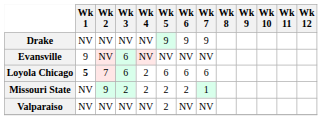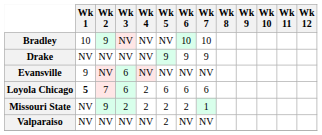 <table class="wikitable" style="white-space:nowrap;font-size:90%;text-align:center;">
 <tr>
 <th style="background:white; border-top-style:hidden; border-left-style:hidden;"> </th>
 <th>Wk<br> 1</th>
 <th>Wk<br>2</th>
 <th>Wk<br>3</th>
 <th>Wk<br>4</th>
 <th>Wk<br>5</th>
 <th>Wk<br>6</th>
 <th>Wk<br>7</th>
 <th>Wk<br>8</th>
 <th>Wk<br>9</th>
 <th>Wk<br>10</th>
 <th>Wk<br>11</th>
 <th>Wk<br>12</th>
+</tr>
+<tr>
+<th>Bradley</th>
+<td style="background:#FFF;">10</td>
+<td style="background:#d8ffeb;">9</td>
+<td style="background:#ffe6e6;">NV</td>
+<td style="background:#FFF;">NV</td>
+<td style="background:#FFF;">NV</td>
+<td style="background:#d8ffeb;">10</td>
+<td style="background:#FFF;">10</td>
+<td style="background:#FFF;"></td>
+<td style="background:#FFF;"></td>
+<td style="background:#FFF;"></td>
+<td style="background:#FFF;"></td>
+<td style="background:#FFF;"></td>
 </tr>
 <tr>
 <th>Drake</th>
 <td style="background:#FFF;">NV</td>
 <td style="background:#FFF;">NV</td>
 <td style="background:#FFF;">NV</td>
 <td style="background:#FFF;">NV</td>
 <td style="background:#d8ffeb;">9</td>
 <td style="background:#FFF;">9</td>
 <td style="background:#FFF;">9</td>
 <td style="background:#FFF;"></td>
 <td style="background:#FFF;"></td>
 <td style="background:#FFF;"></td>
 <td style="background:#FFF;"></td>
 <td style="background:#FFF;"></td>
 </tr>
 <tr>
 <th>Evansville</th>
 <td style="background:#FFF;">9</td>
 <td style="background:#ffe6e6;">NV</td>
 <td style="background:#d8ffeb;">6</td>
 <td style="background:#ffe6e6;">NV</td>
 <td style="background:#FFF;">NV</td>
 <td style="background:#FFF;">NV</td>
 <td style="background:#FFF;">NV</td>
 <td style="background:#FFF;"></td>
 <td style="background:#FFF;"></td>
 <td style="background:#FFF;"></td>
 <td style="background:#FFF;"></td>
 <td style="background:#FFF;"></td>
 </tr>
 <tr>
 <th>Loyola Chicago</th>
 <td style="background:#FFF;"><strong>5</strong></td>
 <td style="background:#ffe6e6;">7</td>
 <td style="background:#d8ffeb;">6</td>
 <td style="background:#FFF;">2</td>
 <td style="background:#FFF;">6</td>
 <td style="background:#FFF;">6</td>
 <td style="background:#FFF;">6</td>
 <td style="background:#FFF;"></td>
 <td style="background:#FFF;"></td>
 <td style="background:#FFF;"></td>
 <td style="background:#FFF;"></td>
 <td style="background:#FFF;"></td>
 </tr>
 <tr>
 <th>Missouri State</th>
 <td style="background:#FFF;">NV</td>
 <td style="background:#d8ffeb;">9</td>
 <td style="background:#d8ffeb;">2</td>
 <td style="background:#FFF;">2</td>
 <td style="background:#FFF;">2</td>
 <td style="background:#FFF;">2</td>
 <td style="background:#d8ffeb;">1</td>
 <td style="background:#FFF;"></td>
 <td style="background:#FFF;"></td>
 <td style="background:#FFF;"></td>
 <td style="background:#FFF;"></td>
 <td style="background:#FFF;"></td>
 </tr>
 <tr>
 <th>Valparaiso</th>
 <td style="background:#FFF;">NV</td>
 <td style="background:#FFF;">NV</td>
 <td style="background:#FFF;">NV</td>
 <td style="background:#FFF;">NV</td>
 <td style="background:#FFF;">2</td>
 <td style="background:#FFF;">NV</td>
 <td style="background:#FFF;">NV</td>
 <td style="background:#FFF;"></td>
 <td style="background:#FFF;"></td>
 <td style="background:#FFF;"></td>
 <td style="background:#FFF;"></td>
 <td style="background:#FFF;"></td>
 </tr>
 <tr>
 </tr>
 </table>
